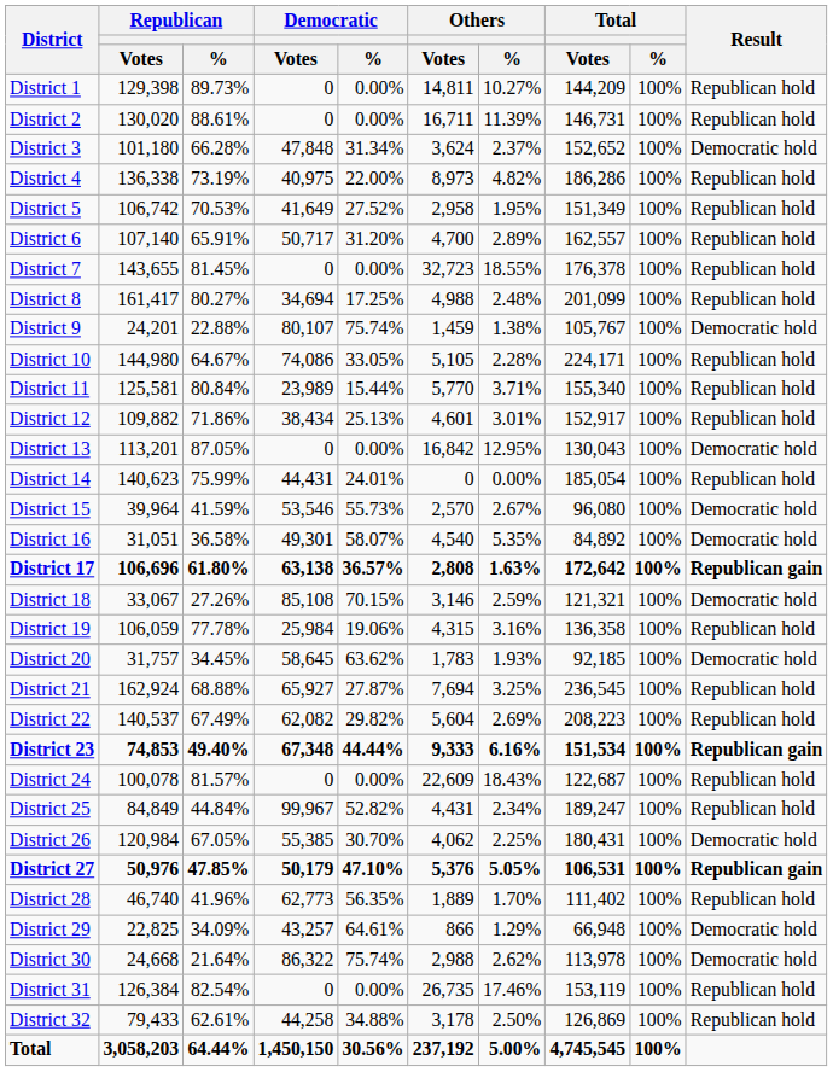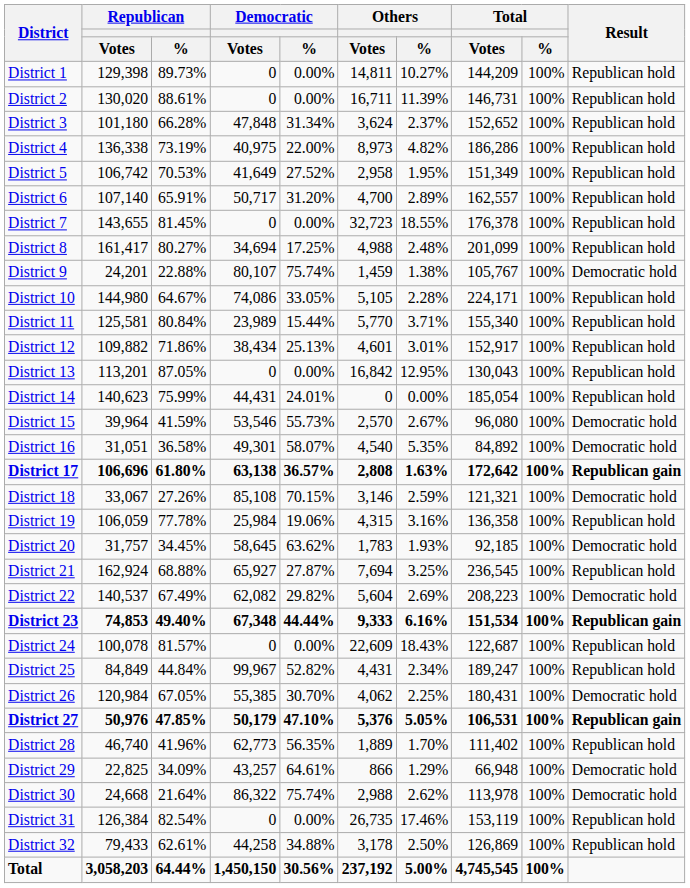 <table class="wikitable plainrowheaders sortable" style="font-size:100%; text-align:right;">
 <tr>
 <th scope=col rowspan=3><a href='#'>District</a></th>
 <th scope=col colspan=2><a href='#'>Republican</a></th>
 <th scope=col colspan=2><a href='#'>Democratic</a></th>
 <th scope=col colspan=2>Others</th>
 <th scope=col colspan=2>Total</th>
 <th scope=col rowspan=3>Result</th>
 </tr>
 <tr>
 <th scope=col colspan=2 style="background:"></th>
 <th scope=col colspan=2 style="background:"></th>
 <th scope=col colspan=2></th>
 <th scope=col colspan=2></th>
 </tr>
 <tr>
 <th scope=col data-sort-type="number">Votes</th>
 <th scope=col data-sort-type="number">%</th>
 <th scope=col data-sort-type="number">Votes</th>
 <th scope=col data-sort-type="number">%</th>
 <th scope=col data-sort-type="number">Votes</th>
 <th scope=col data-sort-type="number">%</th>
 <th scope=col data-sort-type="number">Votes</th>
 <th scope=col data-sort-type="number">%</th>
 </tr>
 <tr>
 <td align=left><a href='#'>District 1</a></td>
 <td>129,398</td>
 <td>89.73%</td>
 <td>0</td>
 <td>0.00%</td>
 <td>14,811</td>
 <td>10.27%</td>
 <td>144,209</td>
 <td>100%</td>
 <td align=left>Republican hold</td>
 </tr>
 <tr>
 <td align=left><a href='#'>District 2</a></td>
 <td>130,020</td>
 <td>88.61%</td>
 <td>0</td>
 <td>0.00%</td>
 <td>16,711</td>
 <td>11.39%</td>
 <td>146,731</td>
 <td>100%</td>
 <td align=left>Republican hold</td>
 </tr>
 <tr>
 <td align=left><a href='#'>District 3</a></td>
 <td>101,180</td>
 <td>66.28%</td>
 <td>47,848</td>
 <td>31.34%</td>
 <td>3,624</td>
 <td>2.37%</td>
 <td>152,652</td>
 <td>100%</td>
-<td align=left>Democratic hold</td>
+<td align=left>Republican hold</td>
 </tr>
 <tr>
 <td align=left><a href='#'>District 4</a></td>
 <td>136,338</td>
 <td>73.19%</td>
 <td>40,975</td>
 <td>22.00%</td>
 <td>8,973</td>
 <td>4.82%</td>
 <td>186,286</td>
 <td>100%</td>
 <td align=left>Republican hold</td>
 </tr>
 <tr>
 <td align=left><a href='#'>District 5</a></td>
 <td>106,742</td>
 <td>70.53%</td>
 <td>41,649</td>
 <td>27.52%</td>
 <td>2,958</td>
 <td>1.95%</td>
 <td>151,349</td>
 <td>100%</td>
 <td align=left>Republican hold</td>
 </tr>
 <tr>
 <td align=left><a href='#'>District 6</a></td>
 <td>107,140</td>
 <td>65.91%</td>
 <td>50,717</td>
 <td>31.20%</td>
 <td>4,700</td>
 <td>2.89%</td>
 <td>162,557</td>
 <td>100%</td>
 <td align=left>Republican hold</td>
 </tr>
 <tr>
 <td align=left><a href='#'>District 7</a></td>
 <td>143,655</td>
 <td>81.45%</td>
 <td>0</td>
 <td>0.00%</td>
 <td>32,723</td>
 <td>18.55%</td>
 <td>176,378</td>
 <td>100%</td>
 <td align=left>Republican hold</td>
 </tr>
 <tr>
 <td align=left><a href='#'>District 8</a></td>
 <td>161,417</td>
 <td>80.27%</td>
 <td>34,694</td>
 <td>17.25%</td>
 <td>4,988</td>
 <td>2.48%</td>
 <td>201,099</td>
 <td>100%</td>
 <td align=left>Republican hold</td>
 </tr>
 <tr>
 <td align=left><a href='#'>District 9</a></td>
 <td>24,201</td>
 <td>22.88%</td>
 <td>80,107</td>
 <td>75.74%</td>
 <td>1,459</td>
 <td>1.38%</td>
 <td>105,767</td>
 <td>100%</td>
 <td align=left>Democratic hold</td>
 </tr>
 <tr>
 <td align=left><a href='#'>District 10</a></td>
 <td>144,980</td>
 <td>64.67%</td>
 <td>74,086</td>
 <td>33.05%</td>
 <td>5,105</td>
 <td>2.28%</td>
 <td>224,171</td>
 <td>100%</td>
 <td align=left>Republican hold</td>
 </tr>
 <tr>
 <td align=left><a href='#'>District 11</a></td>
 <td>125,581</td>
 <td>80.84%</td>
 <td>23,989</td>
 <td>15.44%</td>
 <td>5,770</td>
 <td>3.71%</td>
 <td>155,340</td>
 <td>100%</td>
 <td align=left>Republican hold</td>
 </tr>
 <tr>
 <td align=left><a href='#'>District 12</a></td>
 <td>109,882</td>
 <td>71.86%</td>
 <td>38,434</td>
 <td>25.13%</td>
 <td>4,601</td>
 <td>3.01%</td>
 <td>152,917</td>
 <td>100%</td>
 <td align=left>Republican hold</td>
 </tr>
 <tr>
 <td align=left><a href='#'>District 13</a></td>
 <td>113,201</td>
 <td>87.05%</td>
 <td>0</td>
 <td>0.00%</td>
 <td>16,842</td>
 <td>12.95%</td>
 <td>130,043</td>
 <td>100%</td>
-<td align=left>Democratic hold</td>
+<td align=left>Republican hold</td>
 </tr>
 <tr>
 <td align=left><a href='#'>District 14</a></td>
 <td>140,623</td>
 <td>75.99%</td>
 <td>44,431</td>
 <td>24.01%</td>
 <td>0</td>
 <td>0.00%</td>
 <td>185,054</td>
 <td>100%</td>
 <td align=left>Republican hold</td>
 </tr>
 <tr>
 <td align=left><a href='#'>District 15</a></td>
 <td>39,964</td>
 <td>41.59%</td>
 <td>53,546</td>
 <td>55.73%</td>
 <td>2,570</td>
 <td>2.67%</td>
 <td>96,080</td>
 <td>100%</td>
 <td align=left>Democratic hold</td>
 </tr>
 <tr>
 <td align=left><a href='#'>District 16</a></td>
 <td>31,051</td>
 <td>36.58%</td>
 <td>49,301</td>
 <td>58.07%</td>
 <td>4,540</td>
 <td>5.35%</td>
 <td>84,892</td>
 <td>100%</td>
 <td align=left>Democratic hold</td>
 </tr>
 <tr>
 <td align=left><strong><a href='#'>District 17</a></strong></td>
 <td><strong>106,696</strong></td>
 <td><strong>61.80%</strong></td>
 <td><strong>63,138</strong></td>
 <td><strong>36.57%</strong></td>
 <td><strong>2,808</strong></td>
 <td><strong>1.63%</strong></td>
 <td><strong>172,642</strong></td>
 <td><strong>100%</strong></td>
 <td align=left><strong>Republican gain</strong></td>
 </tr>
 <tr>
 <td align=left><a href='#'>District 18</a></td>
 <td>33,067</td>
 <td>27.26%</td>
 <td>85,108</td>
 <td>70.15%</td>
 <td>3,146</td>
 <td>2.59%</td>
 <td>121,321</td>
 <td>100%</td>
 <td align=left>Democratic hold</td>
 </tr>
 <tr>
 <td align=left><a href='#'>District 19</a></td>
 <td>106,059</td>
 <td>77.78%</td>
 <td>25,984</td>
 <td>19.06%</td>
 <td>4,315</td>
 <td>3.16%</td>
 <td>136,358</td>
 <td>100%</td>
 <td align=left>Republican hold</td>
 </tr>
 <tr>
 <td align=left><a href='#'>District 20</a></td>
 <td>31,757</td>
 <td>34.45%</td>
 <td>58,645</td>
 <td>63.62%</td>
 <td>1,783</td>
 <td>1.93%</td>
 <td>92,185</td>
 <td>100%</td>
 <td align=left>Democratic hold</td>
 </tr>
 <tr>
 <td align=left><a href='#'>District 21</a></td>
 <td>162,924</td>
 <td>68.88%</td>
 <td>65,927</td>
 <td>27.87%</td>
 <td>7,694</td>
 <td>3.25%</td>
 <td>236,545</td>
 <td>100%</td>
 <td align=left>Republican hold</td>
 </tr>
 <tr>
 <td align=left><a href='#'>District 22</a></td>
 <td>140,537</td>
 <td>67.49%</td>
 <td>62,082</td>
 <td>29.82%</td>
 <td>5,604</td>
 <td>2.69%</td>
 <td>208,223</td>
 <td>100%</td>
-<td align=left>Republican hold</td>
+<td align=left>Democratic hold</td>
 </tr>
 <tr>
 <td align=left><strong><a href='#'>District 23</a></strong></td>
 <td><strong>74,853</strong></td>
 <td><strong>49.40%</strong></td>
 <td><strong>67,348</strong></td>
 <td><strong>44.44%</strong></td>
 <td><strong>9,333</strong></td>
 <td><strong>6.16%</strong></td>
 <td><strong>151,534</strong></td>
 <td><strong>100%</strong></td>
 <td align=left><strong>Republican gain</strong></td>
 </tr>
 <tr>
 <td align=left><a href='#'>District 24</a></td>
 <td>100,078</td>
 <td>81.57%</td>
 <td>0</td>
 <td>0.00%</td>
 <td>22,609</td>
 <td>18.43%</td>
 <td>122,687</td>
 <td>100%</td>
 <td align=left>Republican hold</td>
 </tr>
 <tr>
 <td align=left><a href='#'>District 25</a></td>
 <td>84,849</td>
 <td>44.84%</td>
 <td>99,967</td>
 <td>52.82%</td>
 <td>4,431</td>
 <td>2.34%</td>
 <td>189,247</td>
 <td>100%</td>
 <td align=left>Republican hold</td>
 </tr>
 <tr>
 <td align=left><a href='#'>District 26</a></td>
 <td>120,984</td>
 <td>67.05%</td>
 <td>55,385</td>
 <td>30.70%</td>
 <td>4,062</td>
 <td>2.25%</td>
 <td>180,431</td>
 <td>100%</td>
 <td align=left>Democratic hold</td>
 </tr>
 <tr>
 <td align=left><strong><a href='#'>District 27</a></strong></td>
 <td><strong>50,976</strong></td>
 <td><strong>47.85%</strong></td>
 <td><strong>50,179</strong></td>
 <td><strong>47.10%</strong></td>
 <td><strong>5,376</strong></td>
 <td><strong>5.05%</strong></td>
 <td><strong>106,531</strong></td>
 <td><strong>100%</strong></td>
 <td align=left><strong>Republican gain</strong></td>
 </tr>
 <tr>
 <td align=left><a href='#'>District 28</a></td>
 <td>46,740</td>
 <td>41.96%</td>
 <td>62,773</td>
 <td>56.35%</td>
 <td>1,889</td>
 <td>1.70%</td>
 <td>111,402</td>
 <td>100%</td>
 <td align=left>Republican hold</td>
 </tr>
 <tr>
 <td align=left><a href='#'>District 29</a></td>
 <td>22,825</td>
 <td>34.09%</td>
 <td>43,257</td>
 <td>64.61%</td>
 <td>866</td>
 <td>1.29%</td>
 <td>66,948</td>
 <td>100%</td>
 <td align=left>Democratic hold</td>
 </tr>
 <tr>
 <td align=left><a href='#'>District 30</a></td>
 <td>24,668</td>
 <td>21.64%</td>
 <td>86,322</td>
 <td>75.74%</td>
 <td>2,988</td>
 <td>2.62%</td>
 <td>113,978</td>
 <td>100%</td>
 <td align=left>Democratic hold</td>
 </tr>
 <tr>
 <td align=left><a href='#'>District 31</a></td>
 <td>126,384</td>
 <td>82.54%</td>
 <td>0</td>
 <td>0.00%</td>
 <td>26,735</td>
 <td>17.46%</td>
 <td>153,119</td>
 <td>100%</td>
 <td align=left>Republican hold</td>
 </tr>
 <tr>
 <td align=left><a href='#'>District 32</a></td>
 <td>79,433</td>
 <td>62.61%</td>
 <td>44,258</td>
 <td>34.88%</td>
 <td>3,178</td>
 <td>2.50%</td>
 <td>126,869</td>
 <td>100%</td>
 <td align=left>Republican hold</td>
 </tr>
 <tr class="sortbottom" style="font-weight:bold">
 <td align=left>Total</td>
 <td>3,058,203</td>
 <td>64.44%</td>
 <td>1,450,150</td>
 <td>30.56%</td>
 <td>237,192</td>
 <td>5.00%</td>
 <td>4,745,545</td>
 <td>100%</td>
 <td></td>
 </tr>
 </table>
